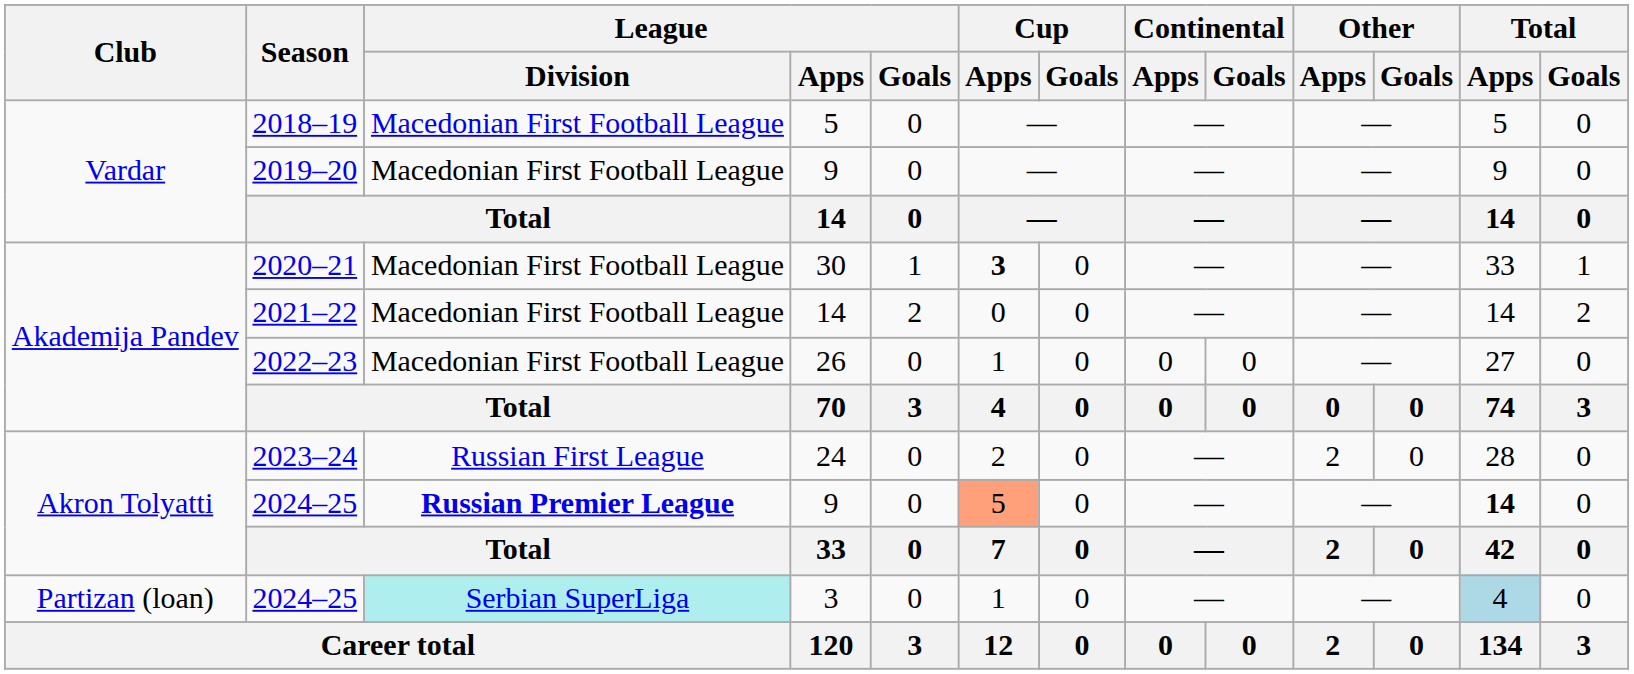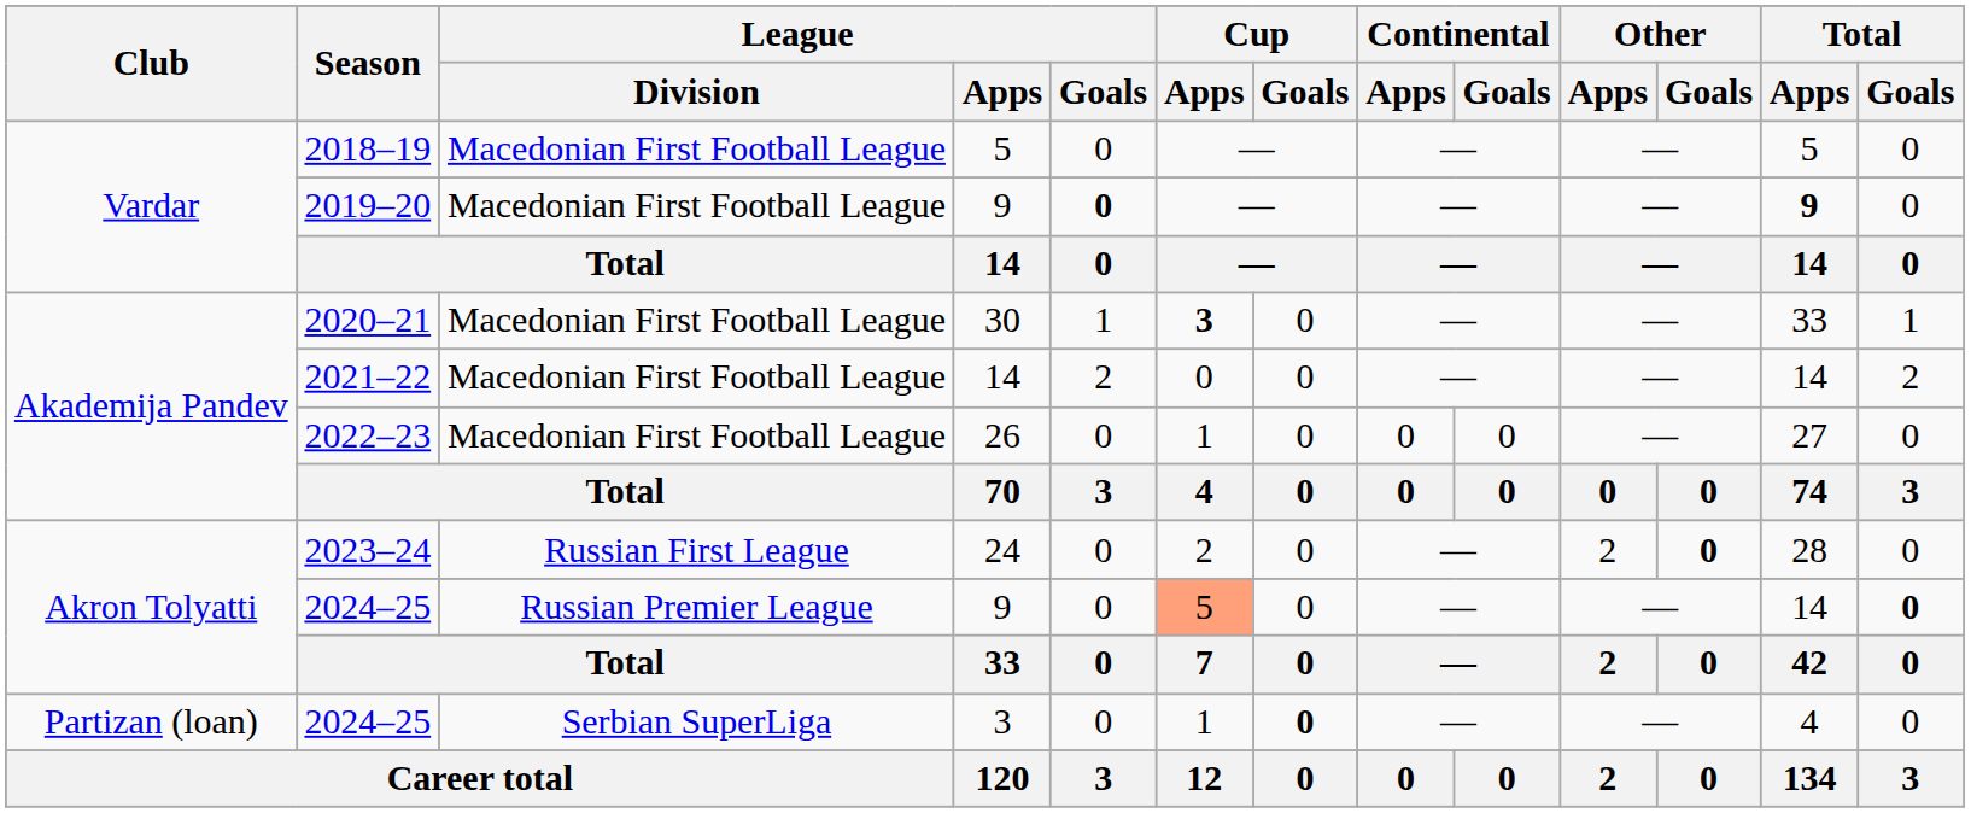 <table class="wikitable" style="text-align: center;">
 <tr>
 <th rowspan="2">Club</th>
 <th rowspan="2">Season</th>
 <th colspan="3">League</th>
 <th colspan="2">Cup</th>
 <th colspan="2">Continental</th>
 <th colspan="2">Other</th>
 <th colspan="2">Total</th>
 </tr>
 <tr>
 <th>Division</th>
 <th>Apps</th>
 <th>Goals</th>
 <th>Apps</th>
 <th>Goals</th>
 <th>Apps</th>
 <th>Goals</th>
 <th>Apps</th>
 <th>Goals</th>
 <th>Apps</th>
 <th>Goals</th>
 </tr>
 <tr>
 <td rowspan="3"><a href='#'>Vardar</a></td>
 <td><a href='#'>2018–19</a></td>
 <td><a href='#'>Macedonian First Football League</a></td>
 <td>5</td>
 <td>0</td>
 <td colspan="2">—</td>
 <td colspan="2">—</td>
 <td colspan="2">—</td>
 <td>5</td>
 <td>0</td>
 </tr>
 <tr>
 <td><a href='#'>2019–20</a></td>
 <td>Macedonian First Football League</td>
 <td>9</td>
-<td>0</td>
+<td><strong>0</strong></td>
 <td colspan="2">—</td>
 <td colspan="2">—</td>
 <td colspan="2">—</td>
-<td>9</td>
+<td><strong>9</strong></td>
 <td>0</td>
 </tr>
 <tr>
 <th colspan="2">Total</th>
 <th>14</th>
 <th>0</th>
 <th colspan="2">—</th>
 <th colspan="2">—</th>
 <th colspan="2">—</th>
 <th>14</th>
 <th>0</th>
 </tr>
 <tr>
 <td rowspan="4"><a href='#'>Akademija Pandev</a></td>
 <td><a href='#'>2020–21</a></td>
 <td>Macedonian First Football League</td>
 <td>30</td>
 <td>1</td>
 <td><strong>3</strong></td>
 <td>0</td>
 <td colspan="2">—</td>
 <td colspan="2">—</td>
 <td>33</td>
 <td>1</td>
 </tr>
 <tr>
 <td><a href='#'>2021–22</a></td>
 <td>Macedonian First Football League</td>
 <td>14</td>
 <td>2</td>
 <td>0</td>
 <td>0</td>
 <td colspan="2">—</td>
 <td colspan="2">—</td>
 <td>14</td>
 <td>2</td>
 </tr>
 <tr>
 <td><a href='#'>2022–23</a></td>
 <td>Macedonian First Football League</td>
 <td>26</td>
 <td>0</td>
 <td>1</td>
 <td>0</td>
 <td>0</td>
 <td>0</td>
 <td colspan="2">—</td>
 <td>27</td>
 <td>0</td>
 </tr>
 <tr>
 <th colspan="2">Total</th>
 <th>70</th>
 <th>3</th>
 <th>4</th>
 <th>0</th>
 <th>0</th>
 <th>0</th>
 <th>0</th>
 <th>0</th>
 <th>74</th>
 <th>3</th>
 </tr>
 <tr>
 <td rowspan="3"><a href='#'>Akron Tolyatti</a></td>
 <td><a href='#'>2023–24</a></td>
 <td><a href='#'>Russian First League</a></td>
 <td>24</td>
 <td>0</td>
 <td>2</td>
 <td>0</td>
 <td colspan="2">—</td>
 <td>2</td>
-<td>0</td>
+<td><strong>0</strong></td>
 <td>28</td>
 <td>0</td>
 </tr>
 <tr>
 <td><a href='#'>2024–25</a></td>
-<td><strong><a href='#'>Russian Premier League</a></strong></td>
+<td><a href='#'>Russian Premier League</a></td>
 <td>9</td>
 <td>0</td>
 <td style="background: lightsalmon;">5</td>
 <td>0</td>
 <td colspan="2">—</td>
 <td colspan="2">—</td>
-<td><strong>14</strong></td>
-<td>0</td>
+<td>14</td>
+<td><strong>0</strong></td>
 </tr>
 <tr>
 <th colspan="2">Total</th>
 <th>33</th>
 <th>0</th>
 <th>7</th>
 <th>0</th>
 <th colspan="2">—</th>
 <th>2</th>
 <th>0</th>
 <th>42</th>
 <th>0</th>
 </tr>
 <tr>
 <td><a href='#'>Partizan</a> (loan)</td>
 <td><a href='#'>2024–25</a></td>
-<td style="background: paleturquoise;"><a href='#'>Serbian SuperLiga</a></td>
+<td><a href='#'>Serbian SuperLiga</a></td>
 <td>3</td>
 <td>0</td>
 <td>1</td>
-<td>0</td>
+<td><strong>0</strong></td>
 <td colspan="2">—</td>
 <td colspan="2">—</td>
-<td style="background: lightblue;">4</td>
+<td>4</td>
 <td>0</td>
 </tr>
 <tr>
 <th colspan="3">Career total</th>
 <th>120</th>
 <th>3</th>
 <th>12</th>
 <th>0</th>
 <th>0</th>
 <th>0</th>
 <th>2</th>
 <th>0</th>
 <th>134</th>
 <th>3</th>
 </tr>
 </table>
